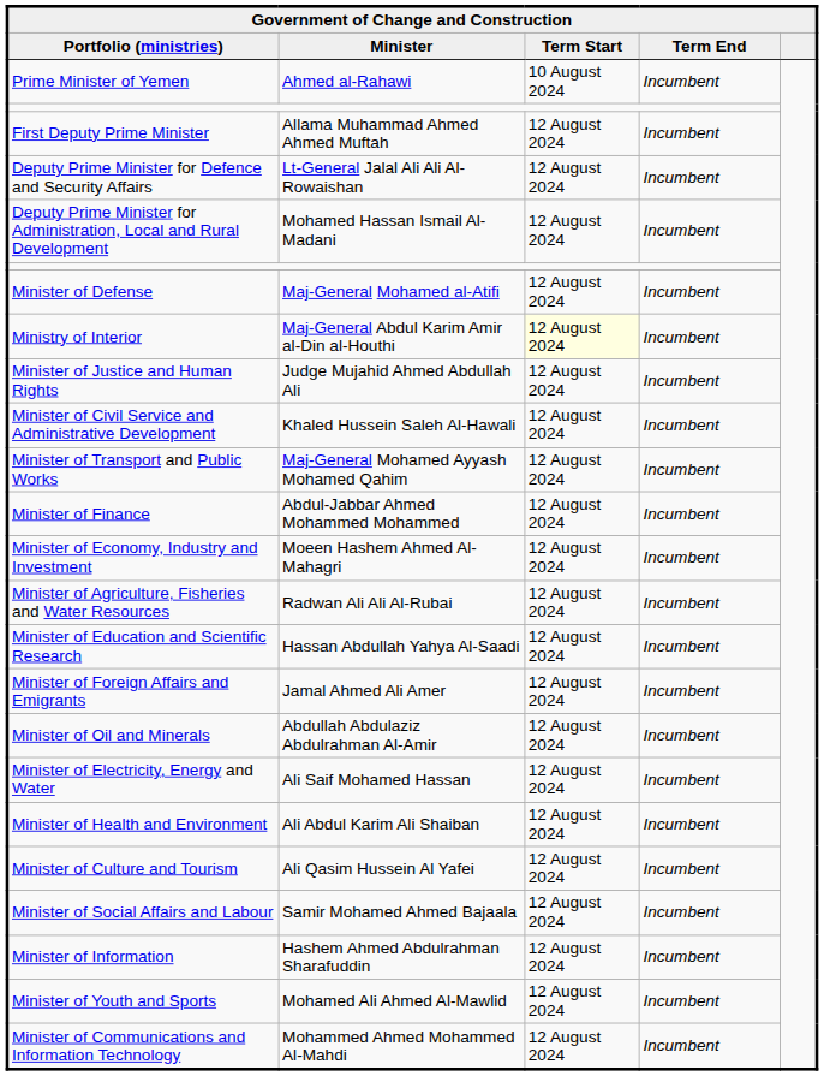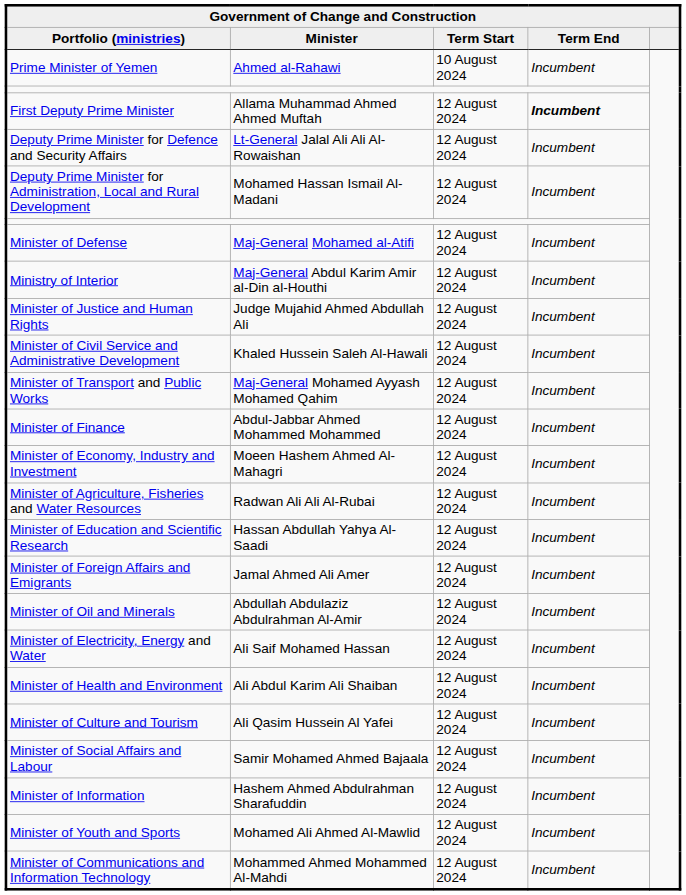 <table class="wikitable" data-darkreader-inline-border-left="" data-darkreader-inline-border-bottom="" data-darkreader-inline-border-right="" data-darkreader-inline-border-top="" cellspacing="1" cellpadding="1" align="center" border="0" width="90%" style="margin:2px; border:3px solid;">
 <tr>
 <td colspan="5" data-darkreader-inline-bgcolor="" data-darkreader-inline-bgimage="" style="text-align:center; background:#efefef"><strong>Government of Change and Construction</strong></td>
 </tr>
 <tr>
 <th data-darkreader-inline-bgcolor="" data-darkreader-inline-bgimage="" data-darkreader-inline-border-bottom="" width="5%" style="border-bottom:1px solid; background:#efefef;"><strong>Portfolio (<a href='#'>ministries</a>)</strong></th>
 <th data-darkreader-inline-bgcolor="" data-darkreader-inline-bgimage="" data-darkreader-inline-border-bottom="" width="5%" style="border-bottom:1px solid; background:#efefef;"><strong>Minister</strong></th>
 <th data-darkreader-inline-bgcolor="" data-darkreader-inline-bgimage="" data-darkreader-inline-border-bottom="" width="2%" style="border-bottom:1px solid; background:#efefef;"><strong>Term Start</strong></th>
 <th data-darkreader-inline-bgcolor="" data-darkreader-inline-bgimage="" data-darkreader-inline-border-bottom="" width="2%" style="border-bottom:1px solid; background:#efefef;"><strong>Term End</strong></th>
 <th data-darkreader-inline-bgcolor="" data-darkreader-inline-bgimage="" data-darkreader-inline-border-bottom="" width="1%" style="border-bottom:1px solid; background:#efefef;"></th>
 </tr>
 <tr>
 <td><a href='#'>Prime Minister of Yemen</a></td>
 <td><a href='#'>Ahmed al-Rahawi</a></td>
 <td>10 August 2024</td>
 <td><em>Incumbent</em></td>
 <td rowspan="24"></td>
 </tr>
 <tr>
 <td colspan="4"></td>
 </tr>
 <tr>
 <td><a href='#'>First Deputy Prime Minister</a></td>
 <td>Allama Muhammad Ahmed Ahmed Muftah</td>
 <td>12 August 2024</td>
-<td><em>Incumbent</em></td>
+<td><strong><em>Incumbent</em></strong></td>
 </tr>
 <tr>
 <td><a href='#'>Deputy Prime Minister</a> for <a href='#'>Defence</a> and Security Affairs</td>
 <td><a href='#'>Lt-General</a> Jalal Ali Ali Al-Rowaishan</td>
 <td>12 August 2024</td>
 <td><em>Incumbent</em></td>
 </tr>
 <tr>
 <td><a href='#'>Deputy Prime Minister</a> for <a href='#'>Administration, Local and Rural Development</a></td>
 <td>Mohamed Hassan Ismail Al-Madani</td>
 <td>12 August 2024</td>
 <td><em>Incumbent</em></td>
 </tr>
 <tr>
 <td colspan="4"></td>
 </tr>
 <tr>
 <td><a href='#'>Minister of Defense</a></td>
 <td><a href='#'>Maj-General</a> <a href='#'>Mohamed al-Atifi</a></td>
 <td>12 August 2024</td>
 <td><em>Incumbent</em></td>
 </tr>
 <tr>
 <td><a href='#'>Ministry of Interior</a></td>
 <td><a href='#'>Maj-General</a> Abdul Karim Amir al-Din al-Houthi</td>
-<td style="background: lightyellow;">12 August 2024</td>
+<td>12 August 2024</td>
 <td><em>Incumbent</em></td>
 </tr>
 <tr>
 <td><a href='#'>Minister of Justice and Human Rights</a></td>
 <td>Judge Mujahid Ahmed Abdullah Ali</td>
 <td>12 August 2024</td>
 <td><em>Incumbent</em></td>
 </tr>
 <tr>
 <td><a href='#'>Minister of Civil Service and Administrative Development</a></td>
 <td>Khaled Hussein Saleh Al-Hawali</td>
 <td>12 August 2024</td>
 <td><em>Incumbent</em></td>
 </tr>
 <tr>
 <td><a href='#'>Minister of Transport</a> and <a href='#'>Public Works</a></td>
 <td><a href='#'>Maj-General</a> Mohamed Ayyash Mohamed Qahim</td>
 <td>12 August 2024</td>
 <td><em>Incumbent</em></td>
 </tr>
 <tr>
 <td><a href='#'>Minister of Finance</a></td>
 <td>Abdul-Jabbar Ahmed Mohammed Mohammed</td>
 <td>12 August 2024</td>
 <td><em>Incumbent</em></td>
 </tr>
 <tr>
 <td><a href='#'>Minister of Economy, Industry and Investment</a></td>
 <td>Moeen Hashem Ahmed Al-Mahagri</td>
 <td>12 August 2024</td>
 <td><em>Incumbent</em></td>
 </tr>
 <tr>
 <td><a href='#'>Minister of Agriculture, Fisheries</a> and <a href='#'>Water Resources</a></td>
 <td>Radwan Ali Ali Al-Rubai</td>
 <td>12 August 2024</td>
 <td><em>Incumbent</em></td>
 </tr>
 <tr>
 <td><a href='#'>Minister of Education and Scientific Research</a></td>
 <td>Hassan Abdullah Yahya Al-Saadi</td>
 <td>12 August 2024</td>
 <td><em>Incumbent</em></td>
 </tr>
 <tr>
 <td><a href='#'>Minister of Foreign Affairs and Emigrants</a></td>
 <td>Jamal Ahmed Ali Amer</td>
 <td>12 August 2024</td>
 <td><em>Incumbent</em></td>
 </tr>
 <tr>
 <td><a href='#'>Minister of Oil and Minerals</a></td>
 <td>Abdullah Abdulaziz Abdulrahman Al-Amir</td>
 <td>12 August 2024</td>
 <td><em>Incumbent</em></td>
 </tr>
 <tr>
 <td><a href='#'>Minister of Electricity, Energy</a> and <a href='#'>Water</a></td>
 <td>Ali Saif Mohamed Hassan</td>
 <td>12 August 2024</td>
 <td><em>Incumbent</em></td>
 </tr>
 <tr>
 <td><a href='#'>Minister of Health and Environment</a></td>
 <td>Ali Abdul Karim Ali Shaiban</td>
 <td>12 August 2024</td>
 <td><em>Incumbent</em></td>
 </tr>
 <tr>
 <td><a href='#'>Minister of Culture and Tourism</a></td>
 <td>Ali Qasim Hussein Al Yafei</td>
 <td>12 August 2024</td>
 <td><em>Incumbent</em></td>
 </tr>
 <tr>
 <td><a href='#'>Minister of Social Affairs and Labour</a></td>
 <td>Samir Mohamed Ahmed Bajaala</td>
 <td>12 August 2024</td>
 <td><em>Incumbent</em></td>
 </tr>
 <tr>
 <td><a href='#'>Minister of Information</a></td>
 <td>Hashem Ahmed Abdulrahman Sharafuddin</td>
 <td>12 August 2024</td>
 <td><em>Incumbent</em></td>
 </tr>
 <tr>
 <td><a href='#'>Minister of Youth and Sports</a></td>
 <td>Mohamed Ali Ahmed Al-Mawlid</td>
 <td>12 August 2024</td>
 <td><em>Incumbent</em></td>
 </tr>
 <tr>
 <td><a href='#'>Minister of Communications and Information Technology</a></td>
 <td>Mohammed Ahmed Mohammed Al-Mahdi</td>
 <td>12 August 2024</td>
 <td><em>Incumbent</em></td>
 </tr>
 </table>
